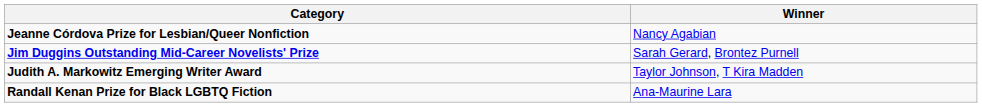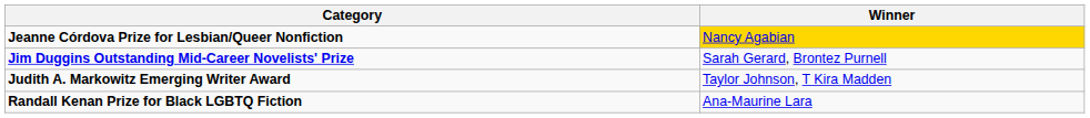 <table class="wikitable" width="100%">
 <tr>
 <th>Category</th>
 <th>Winner</th>
 </tr>
 <tr>
 <td><strong>Jeanne Córdova Prize for Lesbian/Queer Nonfiction</strong></td>
-<td><a href='#'>Nancy Agabian</a></td>
+<td style="background: gold;"><a href='#'>Nancy Agabian</a></td>
 </tr>
 <tr>
 <td><strong><a href='#'>Jim Duggins Outstanding Mid-Career Novelists' Prize</a></strong></td>
 <td><a href='#'>Sarah Gerard</a>, <a href='#'>Brontez Purnell</a></td>
 </tr>
 <tr>
 <td><strong>Judith A. Markowitz Emerging Writer Award</strong></td>
 <td><a href='#'>Taylor Johnson</a>, <a href='#'>T Kira Madden</a></td>
 </tr>
 <tr>
 <td><strong>Randall Kenan Prize for Black LGBTQ Fiction</strong></td>
 <td><a href='#'>Ana-Maurine Lara</a></td>
 </tr>
 </table>
